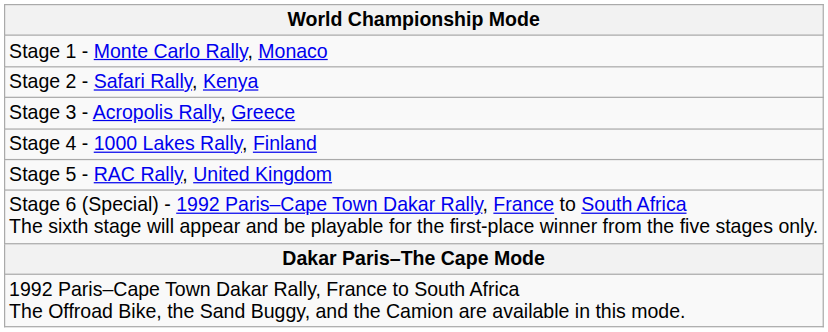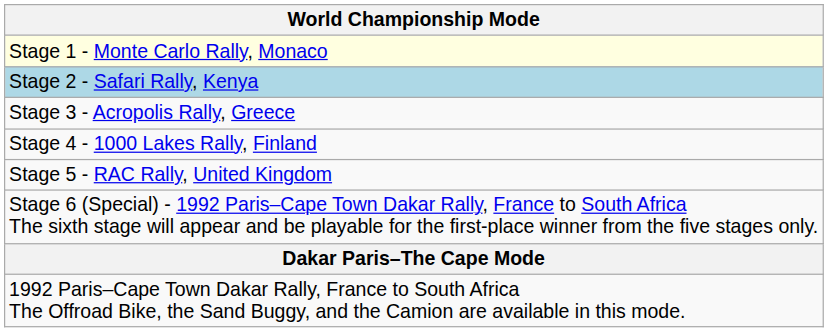 <table class="wikitable">
 <tr>
 <th>World Championship Mode</th>
 </tr>
 <tr>
-<td>Stage 1 - <a href='#'>Monte Carlo Rally</a>, <a href='#'>Monaco</a></td>
+<td style="background: lightyellow;">Stage 1 - <a href='#'>Monte Carlo Rally</a>, <a href='#'>Monaco</a></td>
 </tr>
 <tr>
-<td>Stage 2 - <a href='#'>Safari Rally</a>, <a href='#'>Kenya</a></td>
+<td style="background: lightblue;">Stage 2 - <a href='#'>Safari Rally</a>, <a href='#'>Kenya</a></td>
 </tr>
 <tr>
 <td>Stage 3 - <a href='#'>Acropolis Rally</a>, <a href='#'>Greece</a></td>
 </tr>
 <tr>
 <td>Stage 4 - <a href='#'>1000 Lakes Rally</a>, <a href='#'>Finland</a></td>
 </tr>
 <tr>
 <td>Stage 5 - <a href='#'>RAC Rally</a>, <a href='#'>United Kingdom</a></td>
 </tr>
 <tr>
 <td>Stage 6 (Special) - <a href='#'>1992 Paris–Cape Town Dakar Rally</a>, <a href='#'>France</a> to <a href='#'>South Africa</a><br>The sixth stage will appear and be playable for the first-place winner from the five stages only.</td>
 </tr>
 <tr>
 <th>Dakar Paris–The Cape Mode</th>
 </tr>
 <tr>
 <td>1992 Paris–Cape Town Dakar Rally, France to South Africa<br>The Offroad Bike, the Sand Buggy, and the Camion are available in this mode.</td>
 </tr>
 </table>
